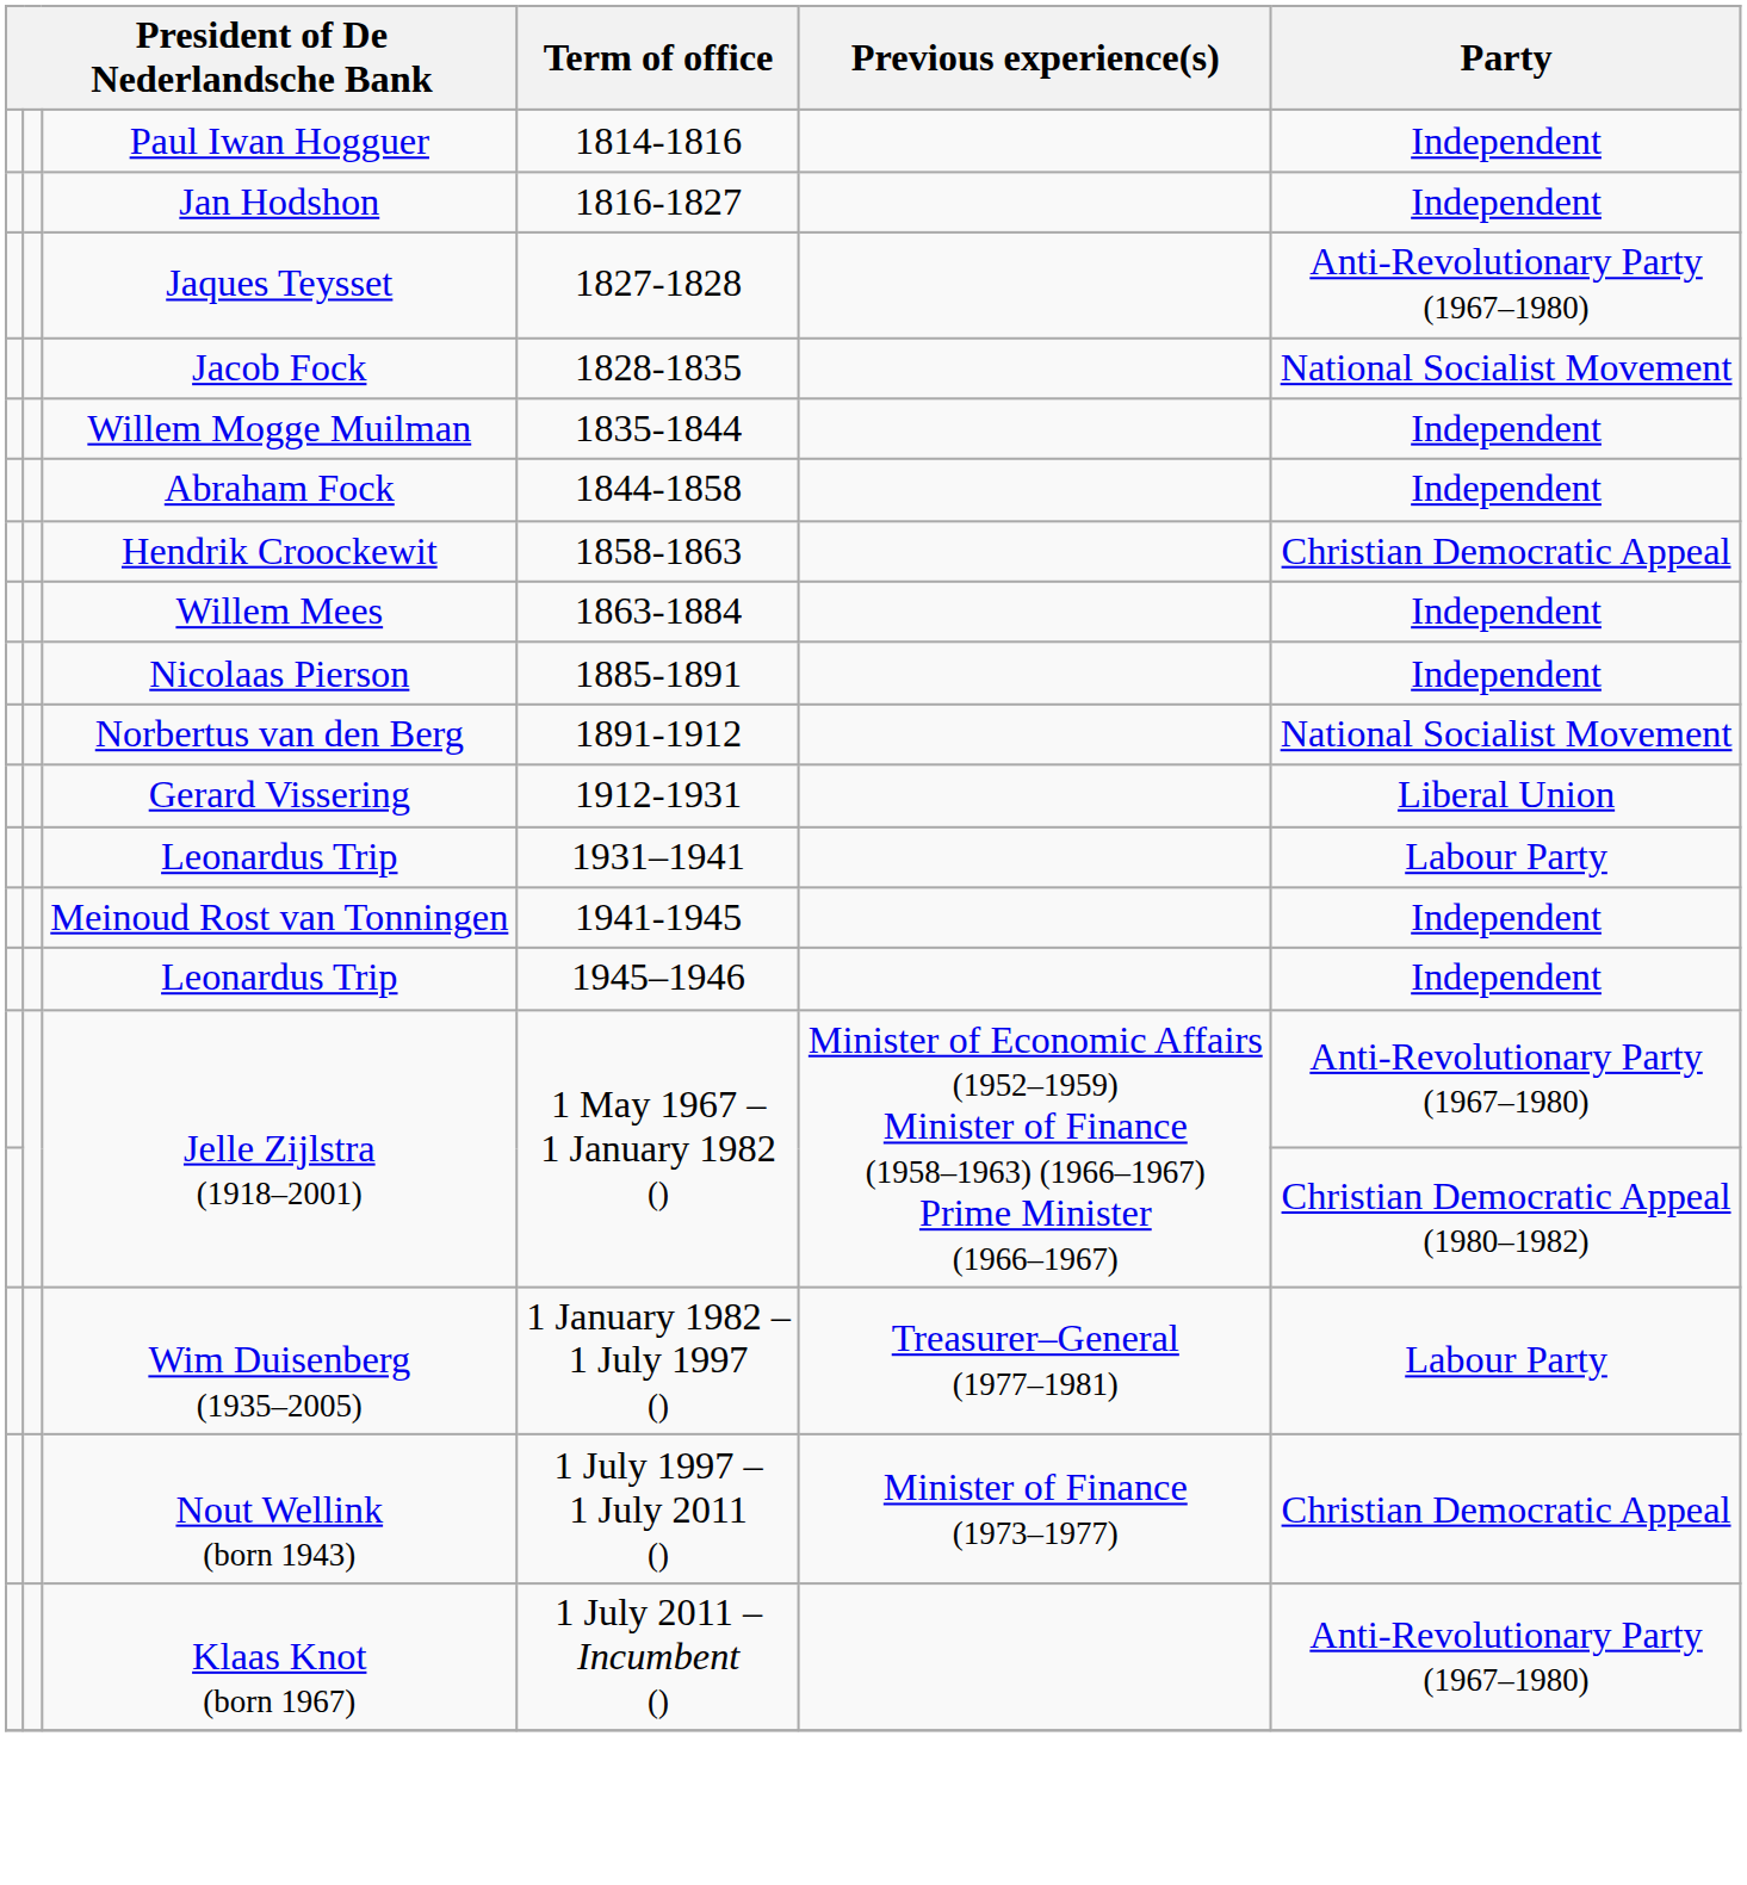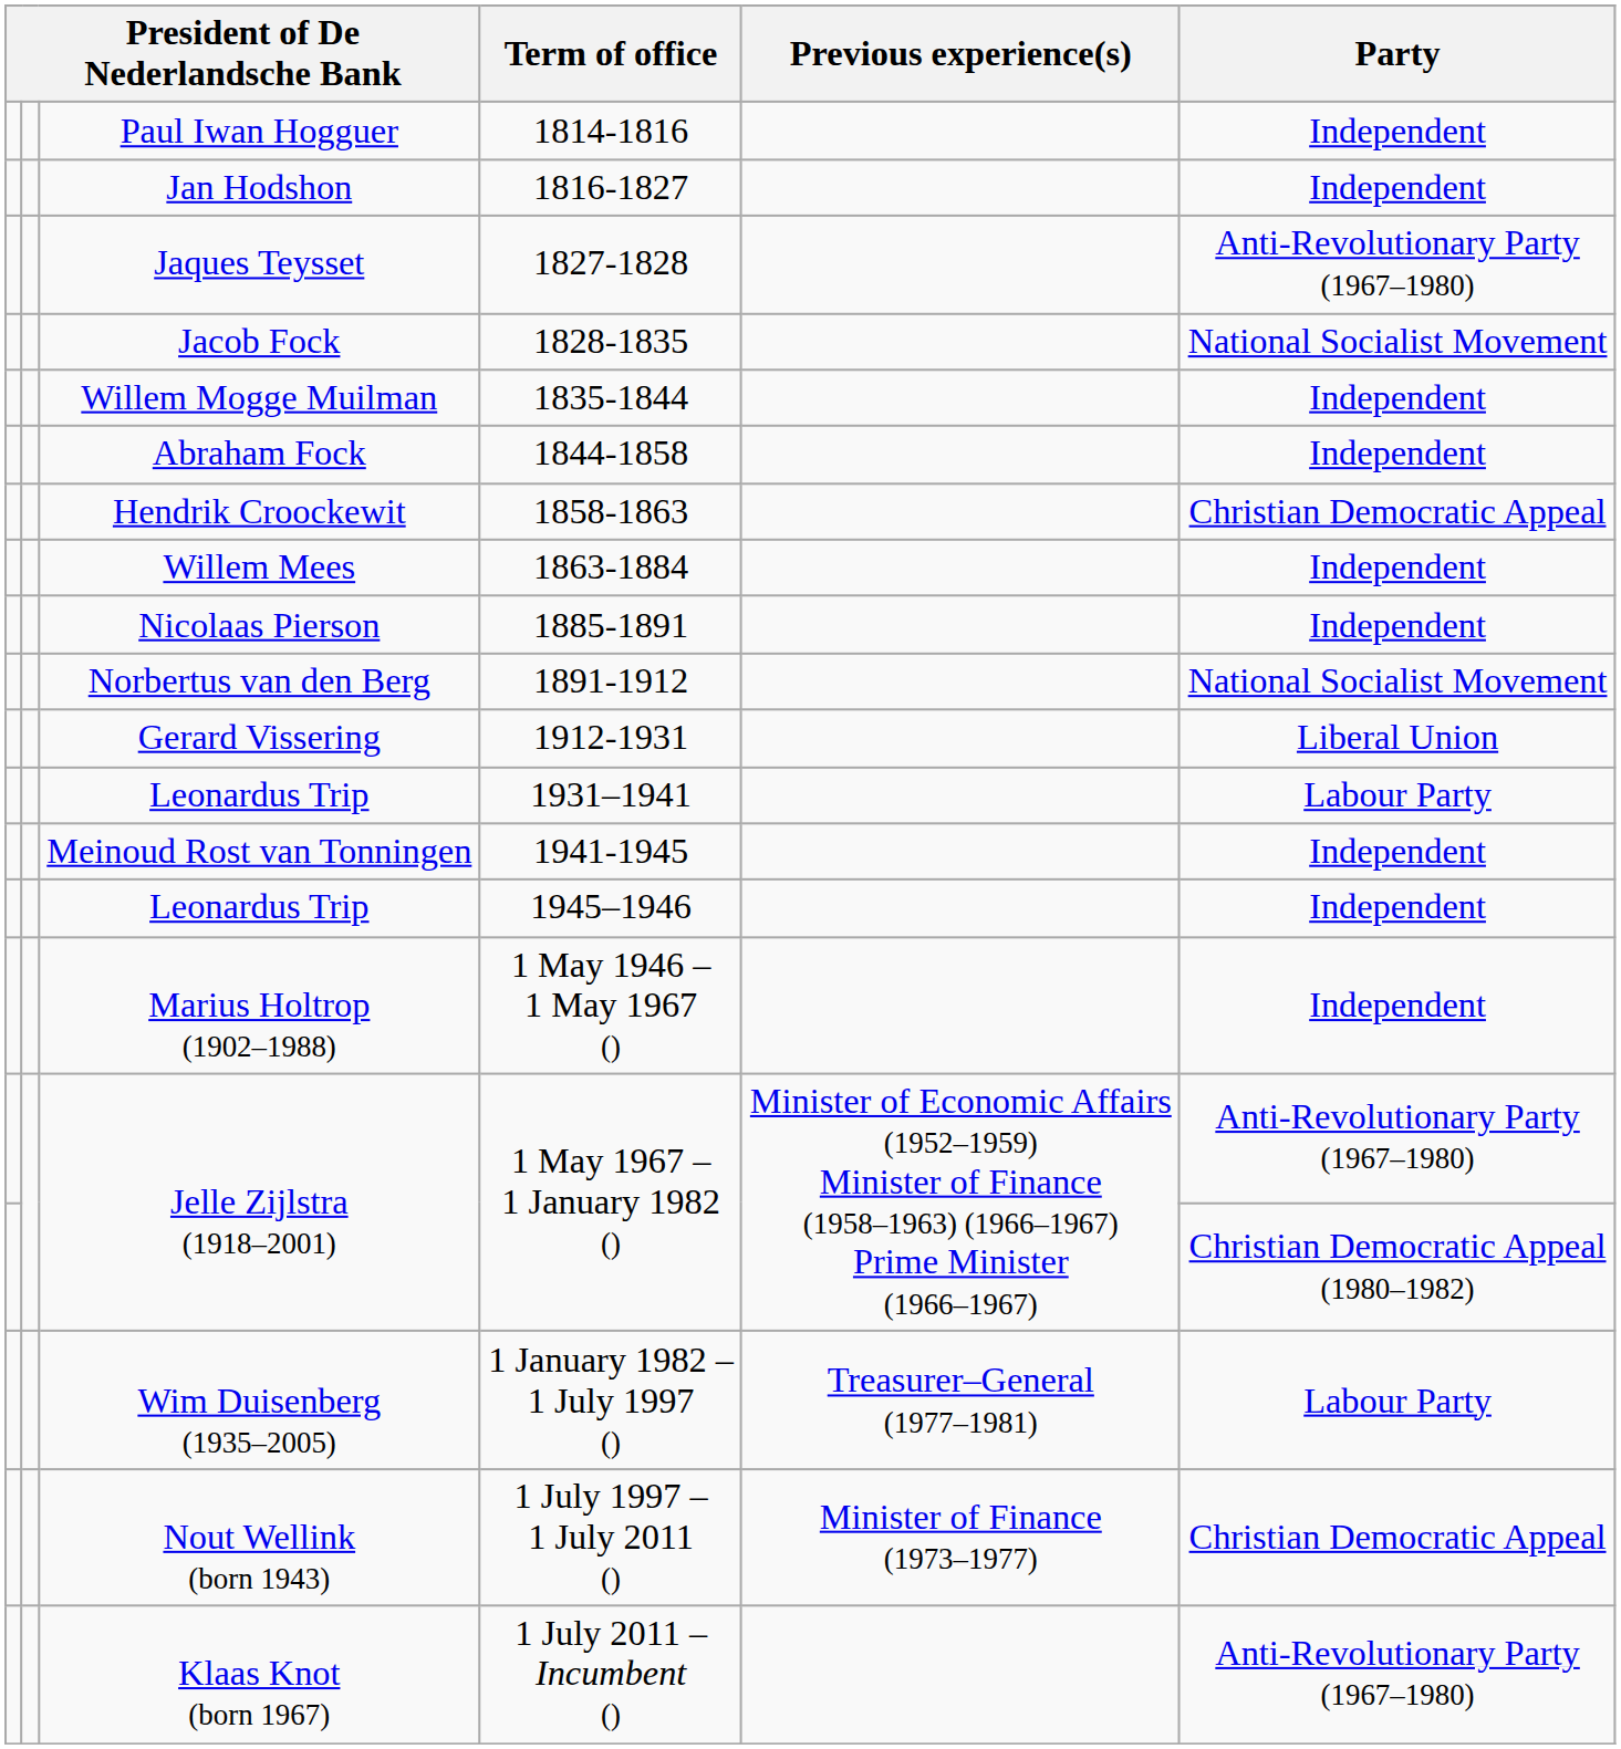 <table class="wikitable" style="text-align:center">
 <tr>
 <th colspan=3>President of De <br> Nederlandsche Bank</th>
 <th>Term of office</th>
 <th>Previous experience(s)</th>
 <th>Party</th>
 </tr>
 <tr>
 <td style="background:"></td>
 <td></td>
 <td><a href='#'>Paul Iwan Hogguer</a></td>
 <td>1814-1816</td>
 <td></td>
 <td><a href='#'>Independent</a></td>
 </tr>
 <tr>
 <td style="background:"></td>
 <td></td>
 <td><a href='#'>Jan Hodshon</a></td>
 <td>1816-1827</td>
 <td></td>
 <td><a href='#'>Independent</a></td>
 </tr>
 <tr>
 <td style="background:"></td>
 <td></td>
 <td><a href='#'>Jaques Teysset</a></td>
 <td>1827-1828</td>
 <td></td>
 <td><a href='#'>Anti-Revolutionary Party</a> <br> <small>(1967–1980)</small></td>
 </tr>
 <tr>
 <td style="background:"></td>
 <td></td>
 <td><a href='#'>Jacob Fock</a></td>
 <td>1828-1835</td>
 <td></td>
 <td><a href='#'>National Socialist Movement</a></td>
 </tr>
 <tr>
 <td style="background:"></td>
 <td></td>
 <td><a href='#'>Willem Mogge Muilman</a></td>
 <td>1835-1844</td>
 <td></td>
 <td><a href='#'>Independent</a></td>
 </tr>
 <tr>
 <td style="background:"></td>
 <td></td>
 <td><a href='#'>Abraham Fock</a></td>
 <td>1844-1858</td>
 <td></td>
 <td><a href='#'>Independent</a></td>
 </tr>
 <tr>
 <td style="background:"></td>
 <td></td>
 <td><a href='#'>Hendrik Croockewit</a></td>
 <td>1858-1863</td>
 <td></td>
 <td><a href='#'>Christian Democratic Appeal</a></td>
 </tr>
 <tr>
 <td style="background:"></td>
 <td></td>
 <td><a href='#'>Willem Mees</a></td>
 <td>1863-1884</td>
 <td></td>
 <td><a href='#'>Independent</a></td>
 </tr>
 <tr>
 <td style="background:"></td>
 <td></td>
 <td><a href='#'>Nicolaas Pierson</a></td>
 <td>1885-1891</td>
 <td></td>
 <td><a href='#'>Independent</a></td>
 </tr>
 <tr>
 <td style="background:"></td>
 <td></td>
 <td><a href='#'>Norbertus van den Berg</a></td>
 <td>1891-1912</td>
 <td></td>
 <td><a href='#'>National Socialist Movement</a></td>
 </tr>
 <tr>
 <td style="background:"></td>
 <td></td>
 <td><a href='#'>Gerard Vissering</a></td>
 <td>1912-1931</td>
 <td></td>
 <td><a href='#'>Liberal Union</a></td>
 </tr>
 <tr>
 <td style="background:"></td>
 <td></td>
 <td><a href='#'>Leonardus Trip</a></td>
 <td>1931–1941</td>
 <td></td>
 <td><a href='#'>Labour Party</a></td>
 </tr>
 <tr>
 <td style="background:"></td>
 <td></td>
 <td><a href='#'>Meinoud Rost van Tonningen</a></td>
 <td>1941-1945</td>
 <td></td>
 <td><a href='#'>Independent</a></td>
 </tr>
 <tr>
 <td style="background:"></td>
 <td></td>
 <td><a href='#'>Leonardus Trip</a></td>
 <td>1945–1946</td>
 <td></td>
 <td><a href='#'>Independent</a></td>
 </tr>
 <tr>
 <td style="background:"></td>
+<td></td>
+<td><br> <a href='#'>Marius Holtrop</a> <br> <small>(1902–1988)</small></td>
+<td>1 May 1946 – <br> 1 May 1967 <br> <small>()</small></td>
+<td></td>
+<td><a href='#'>Independent</a></td>
+</tr>
+<tr>
+<td style="background:"></td>
 <td rowspan=2></td>
 <td rowspan=2><br> <a href='#'>Jelle Zijlstra</a> <br> <small>(1918–2001)</small></td>
 <td rowspan=2>1 May 1967 – <br> 1 January 1982 <br> <small>()</small></td>
 <td rowspan=2><a href='#'>Minister of Economic Affairs</a> <br> <small>(1952–1959)</small> <br> <a href='#'>Minister of Finance</a> <br> <small>(1958–1963) (1966–1967)</small> <br> <a href='#'>Prime Minister</a> <br> <small>(1966–1967)</small></td>
 <td><a href='#'>Anti-Revolutionary Party</a> <br> <small>(1967–1980)</small></td>
 </tr>
 <tr>
 <td style="background:"></td>
 <td><a href='#'>Christian Democratic Appeal</a> <br> <small>(1980–1982)</small></td>
 </tr>
 <tr>
 <td style="background:"></td>
 <td></td>
 <td><br> <a href='#'>Wim Duisenberg</a> <br> <small>(1935–2005)</small></td>
 <td>1 January 1982 – <br> 1 July 1997 <br> <small>()</small></td>
 <td><a href='#'>Treasurer–General</a> <br> <small>(1977–1981)</small></td>
 <td><a href='#'>Labour Party</a></td>
 </tr>
 <tr>
 <td style="background:"></td>
 <td></td>
 <td><br> <a href='#'>Nout Wellink</a> <br> <small>(born 1943)</small></td>
 <td>1 July 1997 – <br> 1 July 2011 <br> <small>()</small></td>
 <td><a href='#'>Minister of Finance</a> <br> <small>(1973–1977)</small></td>
 <td><a href='#'>Christian Democratic Appeal</a></td>
 </tr>
 <tr>
 <td style="background:"></td>
 <td></td>
 <td><br> <a href='#'>Klaas Knot</a> <br> <small>(born 1967)</small></td>
 <td>1 July 2011 – <br> <em>Incumbent</em> <br> <small>()</small></td>
 <td></td>
 <td><a href='#'>Anti-Revolutionary Party</a> <br> <small>(1967–1980)</small></td>
 </tr>
 <tr>
 </tr>
 </table>
